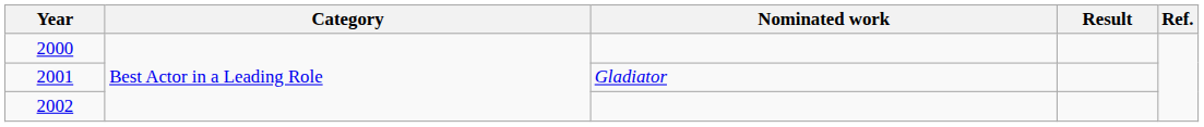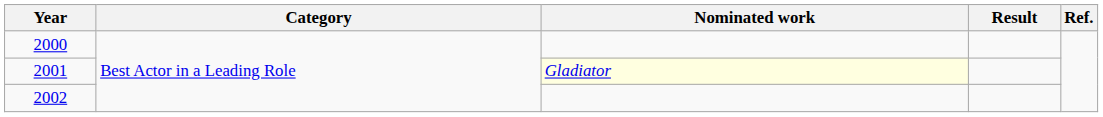 <table class=wikitable>
 <tr>
 <th scope="col" style="width:5em;">Year</th>
 <th scope="col" style="width:26em;">Category</th>
 <th scope="col" style="width:25em;">Nominated work</th>
 <th scope="col" style="width:5em;">Result</th>
 <th>Ref.</th>
 </tr>
 <tr>
 <td style="text-align:center;"><a href='#'>2000</a></td>
 <td rowspan="3"><a href='#'>Best Actor in a Leading Role</a></td>
 <td><em></em></td>
 <td></td>
 </tr>
 <tr>
 <td style="text-align:center;"><a href='#'>2001</a></td>
-<td><em><a href='#'>Gladiator</a></em></td>
+<td style="background: lightyellow;"><em><a href='#'>Gladiator</a></em></td>
 <td></td>
 </tr>
 <tr>
 <td style="text-align:center;"><a href='#'>2002</a></td>
 <td><em></em></td>
 <td></td>
 </tr>
 </table>
